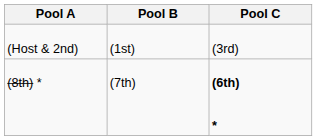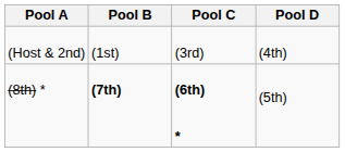 <table class="wikitable">
 <tr>
 <th width=25%>Pool A</th>
 <th width=25%>Pool B</th>
 <th width=25%>Pool C</th>
+<th width=25%>Pool D</th>
 </tr>
 <tr>
 <td><br><strong></strong> (Host & 2nd)</td>
 <td><br><strong></strong> (1st)</td>
 <td><br><strong></strong> (3rd)</td>
+<td><br><strong></strong> (4th)</td>
 </tr>
 <tr>
 <td valign=top><br><s> (8th)</s> *<br> <br> </td>
-<td valign=top><br> (7th)<br> <br> </td>
+<td valign=top><strong><br> (7th)<br> <br> </strong></td>
 <td valign=top><strong><br> (6th)<br> <br> <br> <s></s> *</strong></td>
+<td><br> (5th)<br> <br> <br> </td>
 </tr>
 </table>
